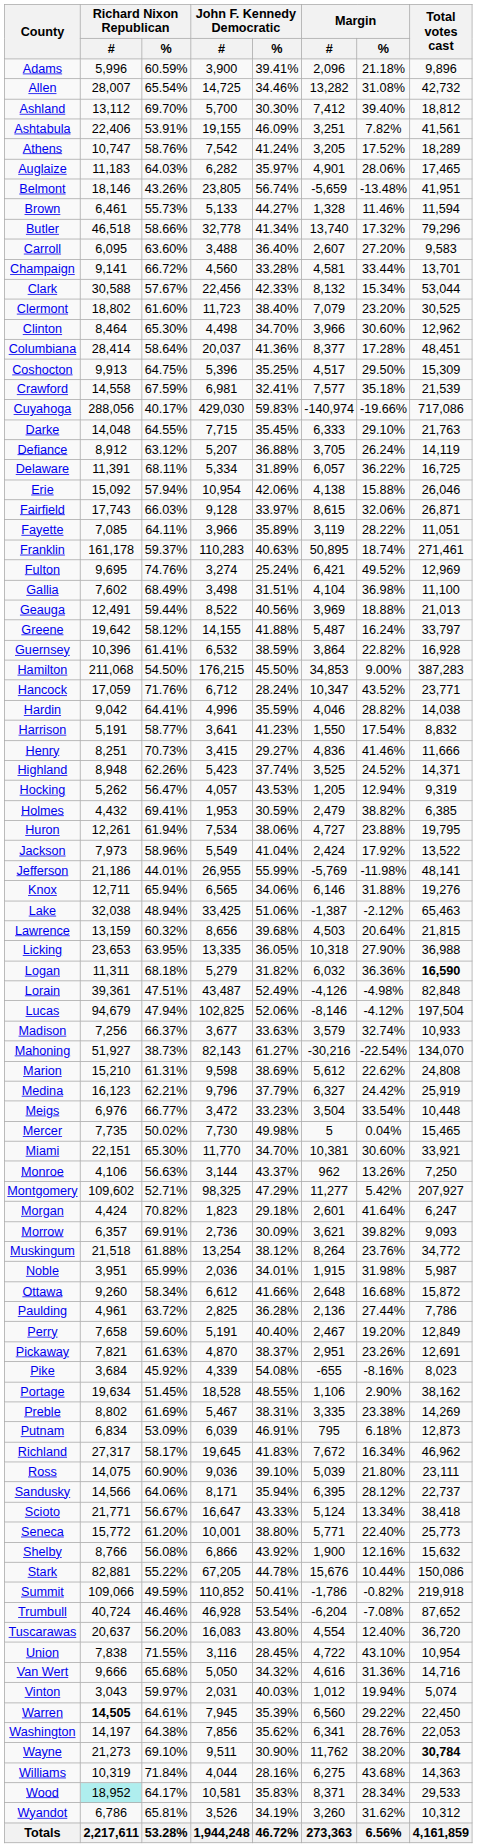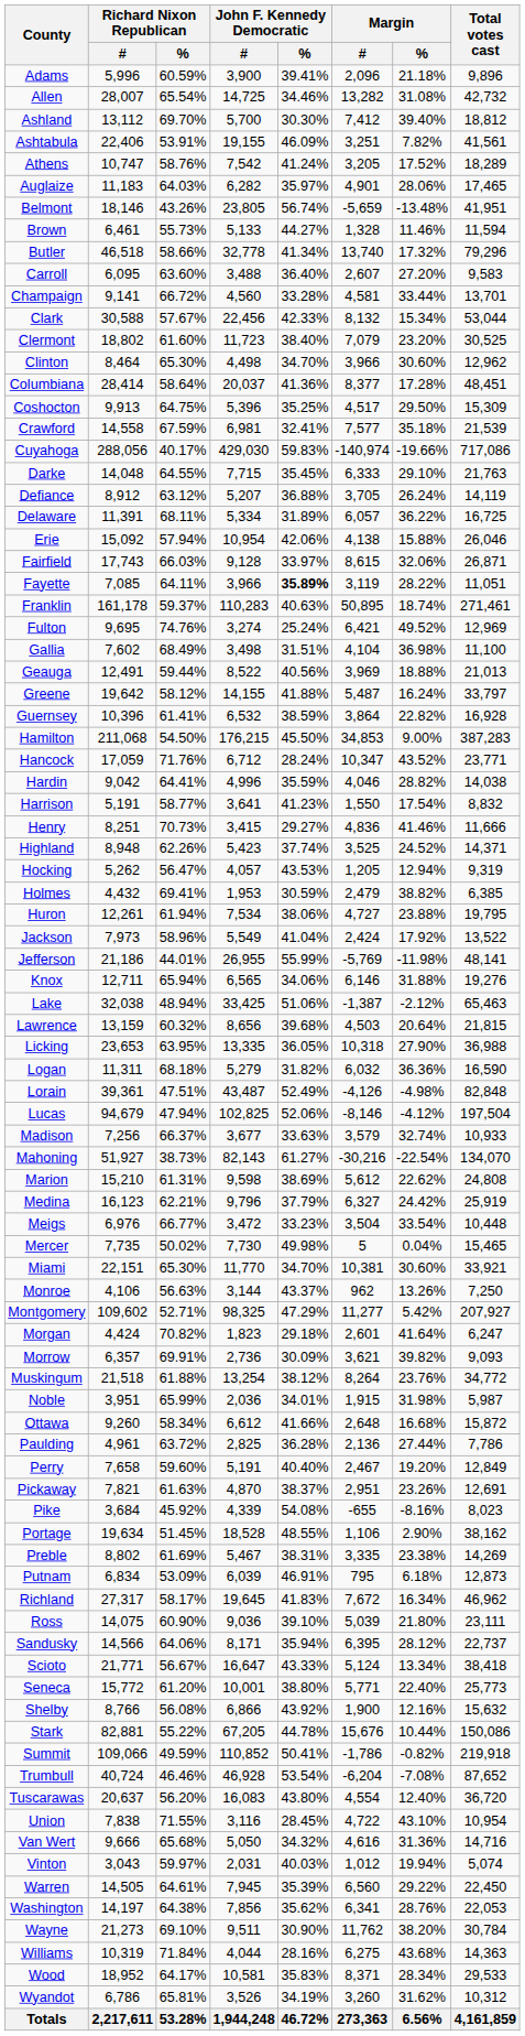 <table width="60%"  class="wikitable sortable" style="text-align:center">
 <tr>
 <th style="text-align:center;" rowspan="2">County</th>
 <th style="text-align:center;" colspan="2">Richard Nixon<br>Republican</th>
 <th style="text-align:center;" colspan="2">John F. Kennedy<br>Democratic</th>
 <th style="text-align:center;" colspan="2">Margin</th>
 <th style="text-align:center;" rowspan="2">Total votes cast</th>
 </tr>
 <tr>
 <th style="text-align:center;" data-sort-type="number">#</th>
 <th style="text-align:center;" data-sort-type="number">%</th>
 <th style="text-align:center;" data-sort-type="number">#</th>
 <th style="text-align:center;" data-sort-type="number">%</th>
 <th style="text-align:center;" data-sort-type="number">#</th>
 <th style="text-align:center;" data-sort-type="number">%</th>
 </tr>
 <tr style="text-align:center;">
 <td><a href='#'>Adams</a></td>
 <td>5,996</td>
 <td>60.59%</td>
 <td>3,900</td>
 <td>39.41%</td>
 <td>2,096</td>
 <td>21.18%</td>
 <td>9,896</td>
 </tr>
 <tr style="text-align:center;">
 <td><a href='#'>Allen</a></td>
 <td>28,007</td>
 <td>65.54%</td>
 <td>14,725</td>
 <td>34.46%</td>
 <td>13,282</td>
 <td>31.08%</td>
 <td>42,732</td>
 </tr>
 <tr style="text-align:center;">
 <td><a href='#'>Ashland</a></td>
 <td>13,112</td>
 <td>69.70%</td>
 <td>5,700</td>
 <td>30.30%</td>
 <td>7,412</td>
 <td>39.40%</td>
 <td>18,812</td>
 </tr>
 <tr style="text-align:center;">
 <td><a href='#'>Ashtabula</a></td>
 <td>22,406</td>
 <td>53.91%</td>
 <td>19,155</td>
 <td>46.09%</td>
 <td>3,251</td>
 <td>7.82%</td>
 <td>41,561</td>
 </tr>
 <tr style="text-align:center;">
 <td><a href='#'>Athens</a></td>
 <td>10,747</td>
 <td>58.76%</td>
 <td>7,542</td>
 <td>41.24%</td>
 <td>3,205</td>
 <td>17.52%</td>
 <td>18,289</td>
 </tr>
 <tr style="text-align:center;">
 <td><a href='#'>Auglaize</a></td>
 <td>11,183</td>
 <td>64.03%</td>
 <td>6,282</td>
 <td>35.97%</td>
 <td>4,901</td>
 <td>28.06%</td>
 <td>17,465</td>
 </tr>
 <tr style="text-align:center;">
 <td><a href='#'>Belmont</a></td>
 <td>18,146</td>
 <td>43.26%</td>
 <td>23,805</td>
 <td>56.74%</td>
 <td>-5,659</td>
 <td>-13.48%</td>
 <td>41,951</td>
 </tr>
 <tr style="text-align:center;">
 <td><a href='#'>Brown</a></td>
 <td>6,461</td>
 <td>55.73%</td>
 <td>5,133</td>
 <td>44.27%</td>
 <td>1,328</td>
 <td>11.46%</td>
 <td>11,594</td>
 </tr>
 <tr style="text-align:center;">
 <td><a href='#'>Butler</a></td>
 <td>46,518</td>
 <td>58.66%</td>
 <td>32,778</td>
 <td>41.34%</td>
 <td>13,740</td>
 <td>17.32%</td>
 <td>79,296</td>
 </tr>
 <tr style="text-align:center;">
 <td><a href='#'>Carroll</a></td>
 <td>6,095</td>
 <td>63.60%</td>
 <td>3,488</td>
 <td>36.40%</td>
 <td>2,607</td>
 <td>27.20%</td>
 <td>9,583</td>
 </tr>
 <tr style="text-align:center;">
 <td><a href='#'>Champaign</a></td>
 <td>9,141</td>
 <td>66.72%</td>
 <td>4,560</td>
 <td>33.28%</td>
 <td>4,581</td>
 <td>33.44%</td>
 <td>13,701</td>
 </tr>
 <tr style="text-align:center;">
 <td><a href='#'>Clark</a></td>
 <td>30,588</td>
 <td>57.67%</td>
 <td>22,456</td>
 <td>42.33%</td>
 <td>8,132</td>
 <td>15.34%</td>
 <td>53,044</td>
 </tr>
 <tr style="text-align:center;">
 <td><a href='#'>Clermont</a></td>
 <td>18,802</td>
 <td>61.60%</td>
 <td>11,723</td>
 <td>38.40%</td>
 <td>7,079</td>
 <td>23.20%</td>
 <td>30,525</td>
 </tr>
 <tr style="text-align:center;">
 <td><a href='#'>Clinton</a></td>
 <td>8,464</td>
 <td>65.30%</td>
 <td>4,498</td>
 <td>34.70%</td>
 <td>3,966</td>
 <td>30.60%</td>
 <td>12,962</td>
 </tr>
 <tr style="text-align:center;">
 <td><a href='#'>Columbiana</a></td>
 <td>28,414</td>
 <td>58.64%</td>
 <td>20,037</td>
 <td>41.36%</td>
 <td>8,377</td>
 <td>17.28%</td>
 <td>48,451</td>
 </tr>
 <tr style="text-align:center;">
 <td><a href='#'>Coshocton</a></td>
 <td>9,913</td>
 <td>64.75%</td>
 <td>5,396</td>
 <td>35.25%</td>
 <td>4,517</td>
 <td>29.50%</td>
 <td>15,309</td>
 </tr>
 <tr style="text-align:center;">
 <td><a href='#'>Crawford</a></td>
 <td>14,558</td>
 <td>67.59%</td>
 <td>6,981</td>
 <td>32.41%</td>
 <td>7,577</td>
 <td>35.18%</td>
 <td>21,539</td>
 </tr>
 <tr style="text-align:center;">
 <td><a href='#'>Cuyahoga</a></td>
 <td>288,056</td>
 <td>40.17%</td>
 <td>429,030</td>
 <td>59.83%</td>
 <td>-140,974</td>
 <td>-19.66%</td>
 <td>717,086</td>
 </tr>
 <tr style="text-align:center;">
 <td><a href='#'>Darke</a></td>
 <td>14,048</td>
 <td>64.55%</td>
 <td>7,715</td>
 <td>35.45%</td>
 <td>6,333</td>
 <td>29.10%</td>
 <td>21,763</td>
 </tr>
 <tr style="text-align:center;">
 <td><a href='#'>Defiance</a></td>
 <td>8,912</td>
 <td>63.12%</td>
 <td>5,207</td>
 <td>36.88%</td>
 <td>3,705</td>
 <td>26.24%</td>
 <td>14,119</td>
 </tr>
 <tr style="text-align:center;">
 <td><a href='#'>Delaware</a></td>
 <td>11,391</td>
 <td>68.11%</td>
 <td>5,334</td>
 <td>31.89%</td>
 <td>6,057</td>
 <td>36.22%</td>
 <td>16,725</td>
 </tr>
 <tr style="text-align:center;">
 <td><a href='#'>Erie</a></td>
 <td>15,092</td>
 <td>57.94%</td>
 <td>10,954</td>
 <td>42.06%</td>
 <td>4,138</td>
 <td>15.88%</td>
 <td>26,046</td>
 </tr>
 <tr style="text-align:center;">
 <td><a href='#'>Fairfield</a></td>
 <td>17,743</td>
 <td>66.03%</td>
 <td>9,128</td>
 <td>33.97%</td>
 <td>8,615</td>
 <td>32.06%</td>
 <td>26,871</td>
 </tr>
 <tr style="text-align:center;">
 <td><a href='#'>Fayette</a></td>
 <td>7,085</td>
 <td>64.11%</td>
 <td>3,966</td>
-<td>35.89%</td>
+<td><strong>35.89%</strong></td>
 <td>3,119</td>
 <td>28.22%</td>
 <td>11,051</td>
 </tr>
 <tr style="text-align:center;">
 <td><a href='#'>Franklin</a></td>
 <td>161,178</td>
 <td>59.37%</td>
 <td>110,283</td>
 <td>40.63%</td>
 <td>50,895</td>
 <td>18.74%</td>
 <td>271,461</td>
 </tr>
 <tr style="text-align:center;">
 <td><a href='#'>Fulton</a></td>
 <td>9,695</td>
 <td>74.76%</td>
 <td>3,274</td>
 <td>25.24%</td>
 <td>6,421</td>
 <td>49.52%</td>
 <td>12,969</td>
 </tr>
 <tr style="text-align:center;">
 <td><a href='#'>Gallia</a></td>
 <td>7,602</td>
 <td>68.49%</td>
 <td>3,498</td>
 <td>31.51%</td>
 <td>4,104</td>
 <td>36.98%</td>
 <td>11,100</td>
 </tr>
 <tr style="text-align:center;">
 <td><a href='#'>Geauga</a></td>
 <td>12,491</td>
 <td>59.44%</td>
 <td>8,522</td>
 <td>40.56%</td>
 <td>3,969</td>
 <td>18.88%</td>
 <td>21,013</td>
 </tr>
 <tr style="text-align:center;">
 <td><a href='#'>Greene</a></td>
 <td>19,642</td>
 <td>58.12%</td>
 <td>14,155</td>
 <td>41.88%</td>
 <td>5,487</td>
 <td>16.24%</td>
 <td>33,797</td>
 </tr>
 <tr style="text-align:center;">
 <td><a href='#'>Guernsey</a></td>
 <td>10,396</td>
 <td>61.41%</td>
 <td>6,532</td>
 <td>38.59%</td>
 <td>3,864</td>
 <td>22.82%</td>
 <td>16,928</td>
 </tr>
 <tr style="text-align:center;">
 <td><a href='#'>Hamilton</a></td>
 <td>211,068</td>
 <td>54.50%</td>
 <td>176,215</td>
 <td>45.50%</td>
 <td>34,853</td>
 <td>9.00%</td>
 <td>387,283</td>
 </tr>
 <tr style="text-align:center;">
 <td><a href='#'>Hancock</a></td>
 <td>17,059</td>
 <td>71.76%</td>
 <td>6,712</td>
 <td>28.24%</td>
 <td>10,347</td>
 <td>43.52%</td>
 <td>23,771</td>
 </tr>
 <tr style="text-align:center;">
 <td><a href='#'>Hardin</a></td>
 <td>9,042</td>
 <td>64.41%</td>
 <td>4,996</td>
 <td>35.59%</td>
 <td>4,046</td>
 <td>28.82%</td>
 <td>14,038</td>
 </tr>
 <tr style="text-align:center;">
 <td><a href='#'>Harrison</a></td>
 <td>5,191</td>
 <td>58.77%</td>
 <td>3,641</td>
 <td>41.23%</td>
 <td>1,550</td>
 <td>17.54%</td>
 <td>8,832</td>
 </tr>
 <tr style="text-align:center;">
 <td><a href='#'>Henry</a></td>
 <td>8,251</td>
 <td>70.73%</td>
 <td>3,415</td>
 <td>29.27%</td>
 <td>4,836</td>
 <td>41.46%</td>
 <td>11,666</td>
 </tr>
 <tr style="text-align:center;">
 <td><a href='#'>Highland</a></td>
 <td>8,948</td>
 <td>62.26%</td>
 <td>5,423</td>
 <td>37.74%</td>
 <td>3,525</td>
 <td>24.52%</td>
 <td>14,371</td>
 </tr>
 <tr style="text-align:center;">
 <td><a href='#'>Hocking</a></td>
 <td>5,262</td>
 <td>56.47%</td>
 <td>4,057</td>
 <td>43.53%</td>
 <td>1,205</td>
 <td>12.94%</td>
 <td>9,319</td>
 </tr>
 <tr style="text-align:center;">
 <td><a href='#'>Holmes</a></td>
 <td>4,432</td>
 <td>69.41%</td>
 <td>1,953</td>
 <td>30.59%</td>
 <td>2,479</td>
 <td>38.82%</td>
 <td>6,385</td>
 </tr>
 <tr style="text-align:center;">
 <td><a href='#'>Huron</a></td>
 <td>12,261</td>
 <td>61.94%</td>
 <td>7,534</td>
 <td>38.06%</td>
 <td>4,727</td>
 <td>23.88%</td>
 <td>19,795</td>
 </tr>
 <tr style="text-align:center;">
 <td><a href='#'>Jackson</a></td>
 <td>7,973</td>
 <td>58.96%</td>
 <td>5,549</td>
 <td>41.04%</td>
 <td>2,424</td>
 <td>17.92%</td>
 <td>13,522</td>
 </tr>
 <tr style="text-align:center;">
 <td><a href='#'>Jefferson</a></td>
 <td>21,186</td>
 <td>44.01%</td>
 <td>26,955</td>
 <td>55.99%</td>
 <td>-5,769</td>
 <td>-11.98%</td>
 <td>48,141</td>
 </tr>
 <tr style="text-align:center;">
 <td><a href='#'>Knox</a></td>
 <td>12,711</td>
 <td>65.94%</td>
 <td>6,565</td>
 <td>34.06%</td>
 <td>6,146</td>
 <td>31.88%</td>
 <td>19,276</td>
 </tr>
 <tr style="text-align:center;">
 <td><a href='#'>Lake</a></td>
 <td>32,038</td>
 <td>48.94%</td>
 <td>33,425</td>
 <td>51.06%</td>
 <td>-1,387</td>
 <td>-2.12%</td>
 <td>65,463</td>
 </tr>
 <tr style="text-align:center;">
 <td><a href='#'>Lawrence</a></td>
 <td>13,159</td>
 <td>60.32%</td>
 <td>8,656</td>
 <td>39.68%</td>
 <td>4,503</td>
 <td>20.64%</td>
 <td>21,815</td>
 </tr>
 <tr style="text-align:center;">
 <td><a href='#'>Licking</a></td>
 <td>23,653</td>
 <td>63.95%</td>
 <td>13,335</td>
 <td>36.05%</td>
 <td>10,318</td>
 <td>27.90%</td>
 <td>36,988</td>
 </tr>
 <tr style="text-align:center;">
 <td><a href='#'>Logan</a></td>
 <td>11,311</td>
 <td>68.18%</td>
 <td>5,279</td>
 <td>31.82%</td>
 <td>6,032</td>
 <td>36.36%</td>
-<td><strong>16,590</strong></td>
+<td>16,590</td>
 </tr>
 <tr style="text-align:center;">
 <td><a href='#'>Lorain</a></td>
 <td>39,361</td>
 <td>47.51%</td>
 <td>43,487</td>
 <td>52.49%</td>
 <td>-4,126</td>
 <td>-4.98%</td>
 <td>82,848</td>
 </tr>
 <tr style="text-align:center;">
 <td><a href='#'>Lucas</a></td>
 <td>94,679</td>
 <td>47.94%</td>
 <td>102,825</td>
 <td>52.06%</td>
 <td>-8,146</td>
 <td>-4.12%</td>
 <td>197,504</td>
 </tr>
 <tr style="text-align:center;">
 <td><a href='#'>Madison</a></td>
 <td>7,256</td>
 <td>66.37%</td>
 <td>3,677</td>
 <td>33.63%</td>
 <td>3,579</td>
 <td>32.74%</td>
 <td>10,933</td>
 </tr>
 <tr style="text-align:center;">
 <td><a href='#'>Mahoning</a></td>
 <td>51,927</td>
 <td>38.73%</td>
 <td>82,143</td>
 <td>61.27%</td>
 <td>-30,216</td>
 <td>-22.54%</td>
 <td>134,070</td>
 </tr>
 <tr style="text-align:center;">
 <td><a href='#'>Marion</a></td>
 <td>15,210</td>
 <td>61.31%</td>
 <td>9,598</td>
 <td>38.69%</td>
 <td>5,612</td>
 <td>22.62%</td>
 <td>24,808</td>
 </tr>
 <tr style="text-align:center;">
 <td><a href='#'>Medina</a></td>
 <td>16,123</td>
 <td>62.21%</td>
 <td>9,796</td>
 <td>37.79%</td>
 <td>6,327</td>
 <td>24.42%</td>
 <td>25,919</td>
 </tr>
 <tr style="text-align:center;">
 <td><a href='#'>Meigs</a></td>
 <td>6,976</td>
 <td>66.77%</td>
 <td>3,472</td>
 <td>33.23%</td>
 <td>3,504</td>
 <td>33.54%</td>
 <td>10,448</td>
 </tr>
 <tr style="text-align:center;">
 <td><a href='#'>Mercer</a></td>
 <td>7,735</td>
 <td>50.02%</td>
 <td>7,730</td>
 <td>49.98%</td>
 <td>5</td>
 <td>0.04%</td>
 <td>15,465</td>
 </tr>
 <tr style="text-align:center;">
 <td><a href='#'>Miami</a></td>
 <td>22,151</td>
 <td>65.30%</td>
 <td>11,770</td>
 <td>34.70%</td>
 <td>10,381</td>
 <td>30.60%</td>
 <td>33,921</td>
 </tr>
 <tr style="text-align:center;">
 <td><a href='#'>Monroe</a></td>
 <td>4,106</td>
 <td>56.63%</td>
 <td>3,144</td>
 <td>43.37%</td>
 <td>962</td>
 <td>13.26%</td>
 <td>7,250</td>
 </tr>
 <tr style="text-align:center;">
 <td><a href='#'>Montgomery</a></td>
 <td>109,602</td>
 <td>52.71%</td>
 <td>98,325</td>
 <td>47.29%</td>
 <td>11,277</td>
 <td>5.42%</td>
 <td>207,927</td>
 </tr>
 <tr style="text-align:center;">
 <td><a href='#'>Morgan</a></td>
 <td>4,424</td>
 <td>70.82%</td>
 <td>1,823</td>
 <td>29.18%</td>
 <td>2,601</td>
 <td>41.64%</td>
 <td>6,247</td>
 </tr>
 <tr style="text-align:center;">
 <td><a href='#'>Morrow</a></td>
 <td>6,357</td>
 <td>69.91%</td>
 <td>2,736</td>
 <td>30.09%</td>
 <td>3,621</td>
 <td>39.82%</td>
 <td>9,093</td>
 </tr>
 <tr style="text-align:center;">
 <td><a href='#'>Muskingum</a></td>
 <td>21,518</td>
 <td>61.88%</td>
 <td>13,254</td>
 <td>38.12%</td>
 <td>8,264</td>
 <td>23.76%</td>
 <td>34,772</td>
 </tr>
 <tr style="text-align:center;">
 <td><a href='#'>Noble</a></td>
 <td>3,951</td>
 <td>65.99%</td>
 <td>2,036</td>
 <td>34.01%</td>
 <td>1,915</td>
 <td>31.98%</td>
 <td>5,987</td>
 </tr>
 <tr style="text-align:center;">
 <td><a href='#'>Ottawa</a></td>
 <td>9,260</td>
 <td>58.34%</td>
 <td>6,612</td>
 <td>41.66%</td>
 <td>2,648</td>
 <td>16.68%</td>
 <td>15,872</td>
 </tr>
 <tr style="text-align:center;">
 <td><a href='#'>Paulding</a></td>
 <td>4,961</td>
 <td>63.72%</td>
 <td>2,825</td>
 <td>36.28%</td>
 <td>2,136</td>
 <td>27.44%</td>
 <td>7,786</td>
 </tr>
 <tr style="text-align:center;">
 <td><a href='#'>Perry</a></td>
 <td>7,658</td>
 <td>59.60%</td>
 <td>5,191</td>
 <td>40.40%</td>
 <td>2,467</td>
 <td>19.20%</td>
 <td>12,849</td>
 </tr>
 <tr style="text-align:center;">
 <td><a href='#'>Pickaway</a></td>
 <td>7,821</td>
 <td>61.63%</td>
 <td>4,870</td>
 <td>38.37%</td>
 <td>2,951</td>
 <td>23.26%</td>
 <td>12,691</td>
 </tr>
 <tr style="text-align:center;">
 <td><a href='#'>Pike</a></td>
 <td>3,684</td>
 <td>45.92%</td>
 <td>4,339</td>
 <td>54.08%</td>
 <td>-655</td>
 <td>-8.16%</td>
 <td>8,023</td>
 </tr>
 <tr style="text-align:center;">
 <td><a href='#'>Portage</a></td>
 <td>19,634</td>
 <td>51.45%</td>
 <td>18,528</td>
 <td>48.55%</td>
 <td>1,106</td>
 <td>2.90%</td>
 <td>38,162</td>
 </tr>
 <tr style="text-align:center;">
 <td><a href='#'>Preble</a></td>
 <td>8,802</td>
 <td>61.69%</td>
 <td>5,467</td>
 <td>38.31%</td>
 <td>3,335</td>
 <td>23.38%</td>
 <td>14,269</td>
 </tr>
 <tr style="text-align:center;">
 <td><a href='#'>Putnam</a></td>
 <td>6,834</td>
 <td>53.09%</td>
 <td>6,039</td>
 <td>46.91%</td>
 <td>795</td>
 <td>6.18%</td>
 <td>12,873</td>
 </tr>
 <tr style="text-align:center;">
 <td><a href='#'>Richland</a></td>
 <td>27,317</td>
 <td>58.17%</td>
 <td>19,645</td>
 <td>41.83%</td>
 <td>7,672</td>
 <td>16.34%</td>
 <td>46,962</td>
 </tr>
 <tr style="text-align:center;">
 <td><a href='#'>Ross</a></td>
 <td>14,075</td>
 <td>60.90%</td>
 <td>9,036</td>
 <td>39.10%</td>
 <td>5,039</td>
 <td>21.80%</td>
 <td>23,111</td>
 </tr>
 <tr style="text-align:center;">
 <td><a href='#'>Sandusky</a></td>
 <td>14,566</td>
 <td>64.06%</td>
 <td>8,171</td>
 <td>35.94%</td>
 <td>6,395</td>
 <td>28.12%</td>
 <td>22,737</td>
 </tr>
 <tr style="text-align:center;">
 <td><a href='#'>Scioto</a></td>
 <td>21,771</td>
 <td>56.67%</td>
 <td>16,647</td>
 <td>43.33%</td>
 <td>5,124</td>
 <td>13.34%</td>
 <td>38,418</td>
 </tr>
 <tr style="text-align:center;">
 <td><a href='#'>Seneca</a></td>
 <td>15,772</td>
 <td>61.20%</td>
 <td>10,001</td>
 <td>38.80%</td>
 <td>5,771</td>
 <td>22.40%</td>
 <td>25,773</td>
 </tr>
 <tr style="text-align:center;">
 <td><a href='#'>Shelby</a></td>
 <td>8,766</td>
 <td>56.08%</td>
 <td>6,866</td>
 <td>43.92%</td>
 <td>1,900</td>
 <td>12.16%</td>
 <td>15,632</td>
 </tr>
 <tr style="text-align:center;">
 <td><a href='#'>Stark</a></td>
 <td>82,881</td>
 <td>55.22%</td>
 <td>67,205</td>
 <td>44.78%</td>
 <td>15,676</td>
 <td>10.44%</td>
 <td>150,086</td>
 </tr>
 <tr style="text-align:center;">
 <td><a href='#'>Summit</a></td>
 <td>109,066</td>
 <td>49.59%</td>
 <td>110,852</td>
 <td>50.41%</td>
 <td>-1,786</td>
 <td>-0.82%</td>
 <td>219,918</td>
 </tr>
 <tr style="text-align:center;">
 <td><a href='#'>Trumbull</a></td>
 <td>40,724</td>
 <td>46.46%</td>
 <td>46,928</td>
 <td>53.54%</td>
 <td>-6,204</td>
 <td>-7.08%</td>
 <td>87,652</td>
 </tr>
 <tr style="text-align:center;">
 <td><a href='#'>Tuscarawas</a></td>
 <td>20,637</td>
 <td>56.20%</td>
 <td>16,083</td>
 <td>43.80%</td>
 <td>4,554</td>
 <td>12.40%</td>
 <td>36,720</td>
 </tr>
 <tr style="text-align:center;">
 <td><a href='#'>Union</a></td>
 <td>7,838</td>
 <td>71.55%</td>
 <td>3,116</td>
 <td>28.45%</td>
 <td>4,722</td>
 <td>43.10%</td>
 <td>10,954</td>
 </tr>
 <tr style="text-align:center;">
 <td><a href='#'>Van Wert</a></td>
 <td>9,666</td>
 <td>65.68%</td>
 <td>5,050</td>
 <td>34.32%</td>
 <td>4,616</td>
 <td>31.36%</td>
 <td>14,716</td>
 </tr>
 <tr style="text-align:center;">
 <td><a href='#'>Vinton</a></td>
 <td>3,043</td>
 <td>59.97%</td>
 <td>2,031</td>
 <td>40.03%</td>
 <td>1,012</td>
 <td>19.94%</td>
 <td>5,074</td>
 </tr>
 <tr style="text-align:center;">
 <td><a href='#'>Warren</a></td>
-<td><strong>14,505</strong></td>
+<td>14,505</td>
 <td>64.61%</td>
 <td>7,945</td>
 <td>35.39%</td>
 <td>6,560</td>
 <td>29.22%</td>
 <td>22,450</td>
 </tr>
 <tr style="text-align:center;">
 <td><a href='#'>Washington</a></td>
 <td>14,197</td>
 <td>64.38%</td>
 <td>7,856</td>
 <td>35.62%</td>
 <td>6,341</td>
 <td>28.76%</td>
 <td>22,053</td>
 </tr>
 <tr style="text-align:center;">
 <td><a href='#'>Wayne</a></td>
 <td>21,273</td>
 <td>69.10%</td>
 <td>9,511</td>
 <td>30.90%</td>
 <td>11,762</td>
 <td>38.20%</td>
-<td><strong>30,784</strong></td>
+<td>30,784</td>
 </tr>
 <tr style="text-align:center;">
 <td><a href='#'>Williams</a></td>
 <td>10,319</td>
 <td>71.84%</td>
 <td>4,044</td>
 <td>28.16%</td>
 <td>6,275</td>
 <td>43.68%</td>
 <td>14,363</td>
 </tr>
 <tr style="text-align:center;">
 <td><a href='#'>Wood</a></td>
-<td style="background: paleturquoise;">18,952</td>
+<td>18,952</td>
 <td>64.17%</td>
 <td>10,581</td>
 <td>35.83%</td>
 <td>8,371</td>
 <td>28.34%</td>
 <td>29,533</td>
 </tr>
 <tr style="text-align:center;">
 <td><a href='#'>Wyandot</a></td>
 <td>6,786</td>
 <td>65.81%</td>
 <td>3,526</td>
 <td>34.19%</td>
 <td>3,260</td>
 <td>31.62%</td>
 <td>10,312</td>
 </tr>
 <tr style="text-align:center;">
 <th>Totals</th>
 <th>2,217,611</th>
 <th>53.28%</th>
 <th>1,944,248</th>
 <th>46.72%</th>
 <th>273,363</th>
 <th>6.56%</th>
 <th>4,161,859</th>
 </tr>
 </table>
